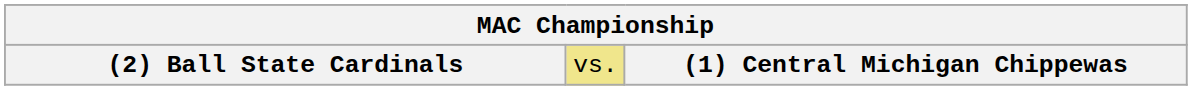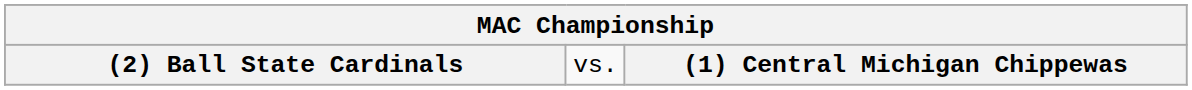 <table class="wikitable">
 <tr>
 <th style="width: 604px;" colspan=3>MAC Championship</th>
 </tr>
 <tr>
 <th style="width: 289px; ">(2) Ball State Cardinals</th>
-<td style="background: khaki; width: 25px; text-align:center">vs.</td>
+<td style="width: 25px; text-align:center">vs.</td>
 <th style="width: 289px; ">(1) Central Michigan Chippewas</th>
 </tr>
 </table>
